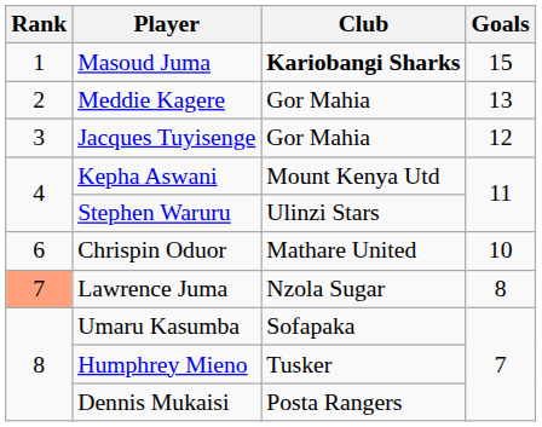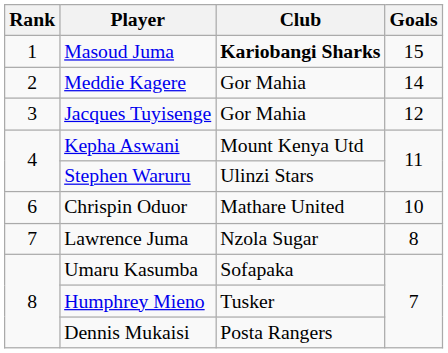 <table class="wikitable sortable" >
 <tr>
 <th>Rank</th>
 <th>Player</th>
 <th>Club</th>
 <th>Goals</th>
 </tr>
 <tr>
 <td style="text-align:center;">1</td>
 <td> <a href='#'>Masoud Juma</a></td>
 <td><strong>Kariobangi Sharks</strong></td>
 <td style="text-align:center;">15</td>
 </tr>
 <tr>
 <td style="text-align:center;">2</td>
 <td> <a href='#'>Meddie Kagere</a></td>
 <td>Gor Mahia</td>
-<td style="text-align:center;">13</td>
+<td style="text-align:center;">14</td>
 </tr>
 <tr>
 <td style="text-align:center;">3</td>
 <td> <a href='#'>Jacques Tuyisenge</a></td>
 <td>Gor Mahia</td>
 <td style="text-align:center;">12</td>
 </tr>
 <tr>
 <td style="text-align:center;" rowspan=2>4</td>
 <td> <a href='#'>Kepha Aswani</a></td>
 <td>Mount Kenya Utd</td>
 <td style="text-align:center;" rowspan=2>11</td>
 </tr>
 <tr>
 <td> <a href='#'>Stephen Waruru</a></td>
 <td>Ulinzi Stars</td>
 </tr>
 <tr>
 <td style="text-align:center;">6</td>
 <td> Chrispin Oduor</td>
 <td>Mathare United</td>
 <td style="text-align:center;">10</td>
 </tr>
 <tr>
-<td align=center style="background: lightsalmon;">7</td>
+<td align=center>7</td>
 <td> Lawrence Juma</td>
 <td>Nzola Sugar</td>
 <td align=center>8</td>
 </tr>
 <tr>
 <td style="text-align:center;" rowspan=3>8</td>
 <td> Umaru Kasumba</td>
 <td>Sofapaka</td>
 <td style="text-align:center;" rowspan=3>7</td>
 </tr>
 <tr>
 <td> <a href='#'>Humphrey Mieno</a></td>
 <td>Tusker</td>
 </tr>
 <tr>
 <td> Dennis Mukaisi</td>
 <td>Posta Rangers</td>
 </tr>
 </table>
